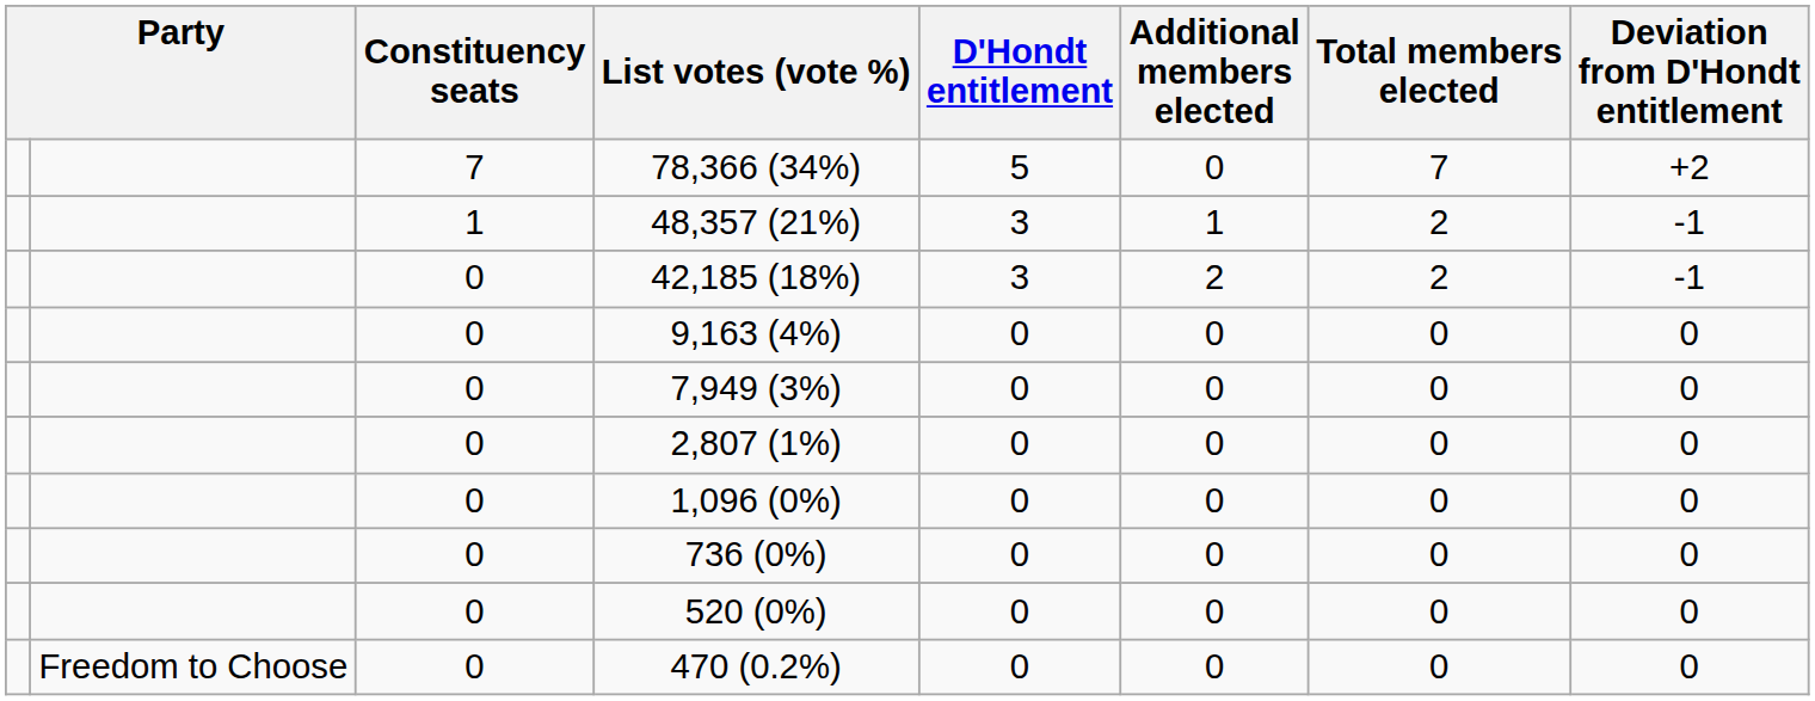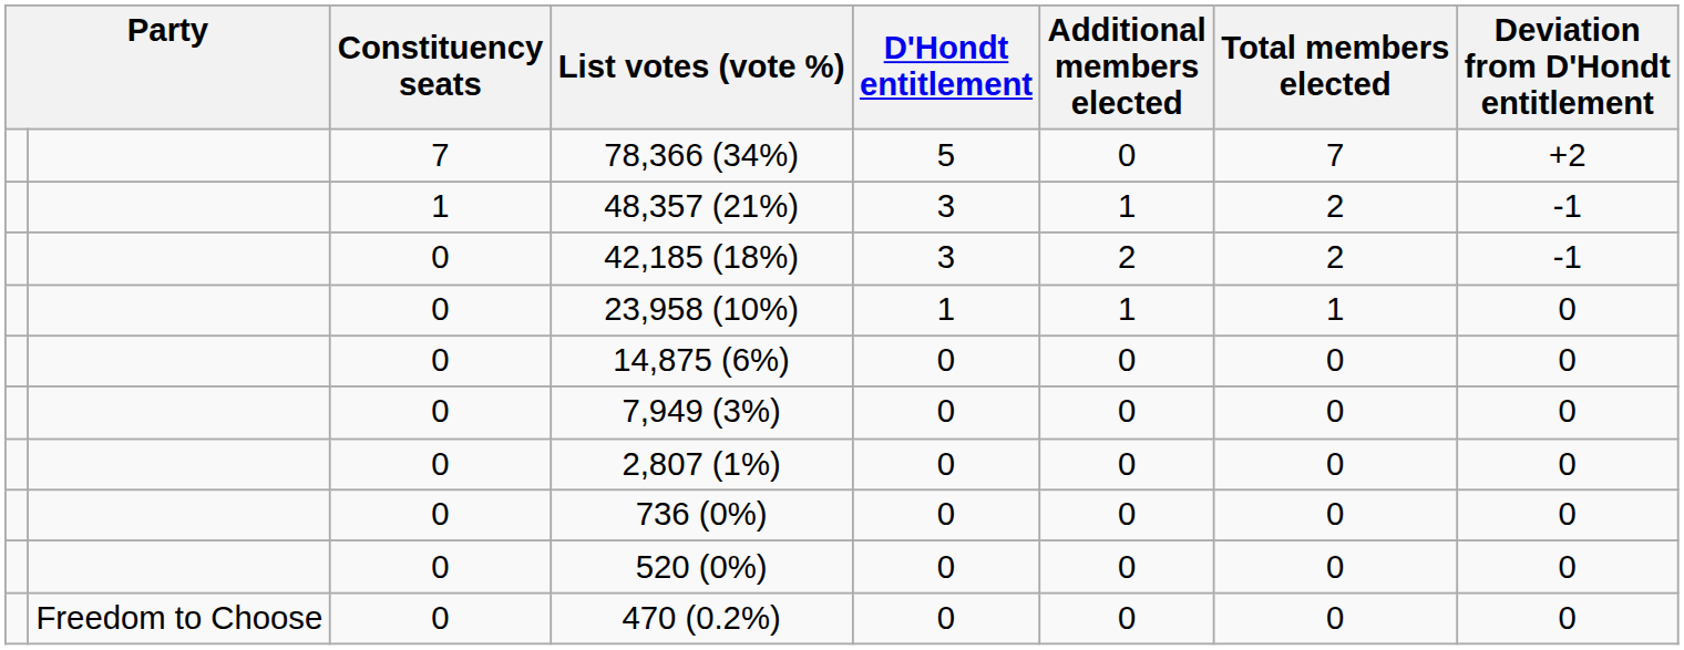 <table class="wikitable" style="text-align:center">
 <tr>
 <th colspan="2"  style="text-align:center; vertical-align:top;">Party</th>
 <th>Constituency<br>seats</th>
 <th>List votes (vote %)</th>
 <th><a href='#'>D'Hondt<br>entitlement</a></th>
 <th>Additional<br>members<br>elected</th>
 <th>Total members<br>elected</th>
 <th>Deviation<br>from D'Hondt<br>entitlement</th>
 </tr>
 <tr>
 <td style="width: 4px"></td>
 <td style="text-align: left;" scope="row"><a href='#'></a></td>
 <td>7</td>
 <td>78,366 (34%)</td>
 <td>5</td>
 <td>0</td>
 <td>7</td>
 <td>+2</td>
 </tr>
 <tr>
 <td style="width: 4px"></td>
 <td style="text-align: left;" scope="row"><a href='#'></a></td>
 <td>1</td>
 <td>48,357 (21%)</td>
 <td>3</td>
 <td>1</td>
 <td>2</td>
 <td>-1</td>
 </tr>
 <tr>
 <td style="width: 4px"></td>
 <td style="text-align: left;" scope="row"><a href='#'></a></td>
 <td>0</td>
 <td>42,185 (18%)</td>
 <td>3</td>
 <td>2</td>
 <td>2</td>
 <td>-1</td>
 </tr>
 <tr>
 <td style="width: 4px"></td>
 <td style="text-align: left;" scope="row"><a href='#'></a></td>
 <td>0</td>
-<td>9,163 (4%)</td>
+<td>23,958 (10%)</td>
+<td>1</td>
+<td>1</td>
+<td>1</td>
+<td>0</td>
+</tr>
+<tr>
+<td style="width: 4px"></td>
+<td style="text-align: left;" scope="row"><a href='#'></a></td>
+<td>0</td>
+<td>14,875 (6%)</td>
 <td>0</td>
 <td>0</td>
 <td>0</td>
 <td>0</td>
 </tr>
 <tr>
 <td style="width: 4px"></td>
 <td style="text-align: left;" scope="row"><a href='#'></a></td>
 <td>0</td>
 <td>7,949 (3%)</td>
 <td>0</td>
 <td>0</td>
 <td>0</td>
 <td>0</td>
 </tr>
 <tr>
 <td style="width: 4px"></td>
 <td style="text-align: left;" scope="row"><a href='#'></a></td>
 <td>0</td>
 <td>2,807 (1%)</td>
-<td>0</td>
-<td>0</td>
-<td>0</td>
-<td>0</td>
-</tr>
-<tr>
-<td style="width: 4px"></td>
-<td style="text-align: left;" scope="row"><a href='#'></a></td>
-<td>0</td>
-<td>1,096 (0%)</td>
 <td>0</td>
 <td>0</td>
 <td>0</td>
 <td>0</td>
 </tr>
 <tr>
 <td style="width: 4px"></td>
 <td style="text-align: left;" scope="row"><a href='#'></a></td>
 <td>0</td>
 <td>736 (0%)</td>
 <td>0</td>
 <td>0</td>
 <td>0</td>
 <td>0</td>
 </tr>
 <tr>
 <td style="width: 4px"></td>
 <td style="text-align: left;" scope="row"><a href='#'></a></td>
 <td>0</td>
 <td>520 (0%)</td>
 <td>0</td>
 <td>0</td>
 <td>0</td>
 <td>0</td>
 </tr>
 <tr>
 <td style="width: 4px"></td>
 <td style="text-align: left;" scope="row">Freedom to Choose</td>
 <td>0</td>
 <td>470 (0.2%)</td>
 <td>0</td>
 <td>0</td>
 <td>0</td>
 <td>0</td>
 </tr>
 </table>
